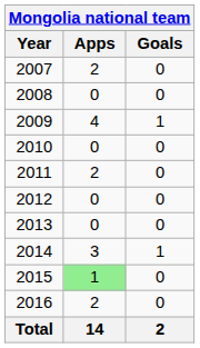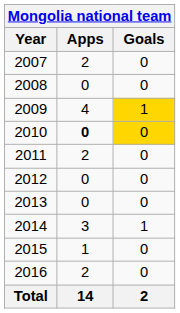 <table class="wikitable" style="text-align:center">
 <tr>
 <th colspan=3><a href='#'>Mongolia national team</a></th>
 </tr>
 <tr>
 <th>Year</th>
 <th>Apps</th>
 <th>Goals</th>
 </tr>
 <tr>
 <td>2007</td>
 <td>2</td>
 <td>0</td>
 </tr>
 <tr>
 <td>2008</td>
 <td>0</td>
 <td>0</td>
 </tr>
 <tr>
 <td>2009</td>
 <td>4</td>
-<td>1</td>
+<td style="background: gold;">1</td>
 </tr>
 <tr>
 <td>2010</td>
-<td>0</td>
-<td>0</td>
+<td><strong>0</strong></td>
+<td style="background: gold;">0</td>
 </tr>
 <tr>
 <td>2011</td>
 <td>2</td>
 <td>0</td>
 </tr>
 <tr>
 <td>2012</td>
 <td>0</td>
 <td>0</td>
 </tr>
 <tr>
 <td>2013</td>
 <td>0</td>
 <td>0</td>
 </tr>
 <tr>
 <td>2014</td>
 <td>3</td>
 <td>1</td>
 </tr>
 <tr>
 <td>2015</td>
-<td style="background: lightgreen;">1</td>
+<td>1</td>
 <td>0</td>
 </tr>
 <tr>
 <td>2016</td>
 <td>2</td>
 <td>0</td>
 </tr>
 <tr>
 <th>Total</th>
 <th>14</th>
 <th>2</th>
 </tr>
 </table>
